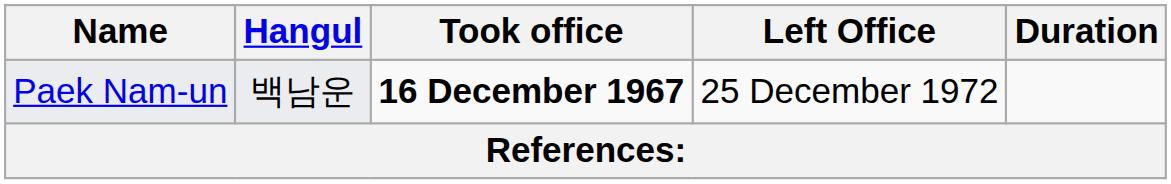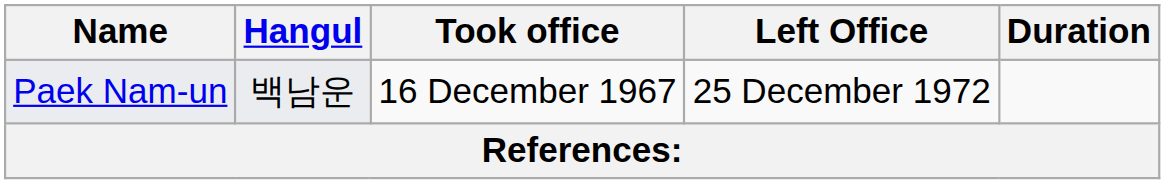 <table class="wikitable" style=text-align:center>
 <tr>
 <th>Name</th>
 <th class="unsortable"><a href='#'>Hangul</a></th>
 <th>Took office</th>
 <th>Left Office</th>
 <th>Duration</th>
 </tr>
 <tr>
 <td bgcolor = #EAECF0><a href='#'>Paek Nam-un</a></td>
 <td bgcolor = #EAECF0>백남운</td>
-<td><strong>16 December 1967</strong></td>
+<td>16 December 1967</td>
 <td>25 December 1972</td>
 <td></td>
 </tr>
 <tr>
 <th colspan="5" unsortable><strong>References:</strong><br></th>
 </tr>
 </table>
